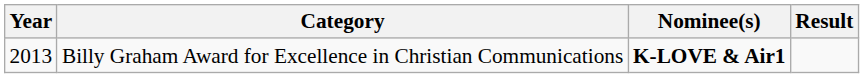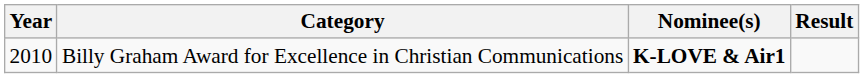 <table class="wikitable">
 <tr>
 <th>Year</th>
 <th>Category</th>
 <th>Nominee(s)</th>
 <th>Result</th>
 </tr>
 <tr>
-<td>2013</td>
+<td>2010</td>
 <td>Billy Graham Award for Excellence in Christian Communications</td>
 <td><strong>K-LOVE & Air1</strong></td>
 <td></td>
 </tr>
 </table>
